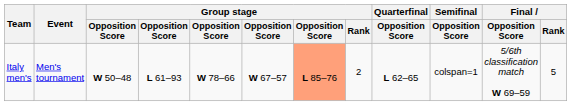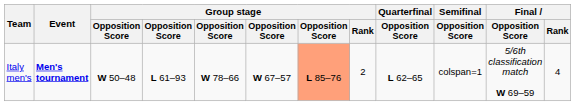 <table class="wikitable" style="font-size:90%">
 <tr>
 <th rowspan=2>Team</th>
 <th rowspan=2>Event</th>
 <th colspan=6>Group stage</th>
 <th>Quarterfinal</th>
 <th>Semifinal</th>
 <th colspan=2>Final / </th>
 </tr>
 <tr style="font-size:95%">
 <th>Opposition<br>Score</th>
 <th>Opposition<br>Score</th>
 <th>Opposition<br>Score</th>
 <th>Opposition<br>Score</th>
 <th>Opposition<br>Score</th>
 <th>Rank</th>
 <th>Opposition<br>Score</th>
 <th>Opposition<br>Score</th>
 <th>Opposition<br>Score</th>
 <th>Rank</th>
 </tr>
 <tr align=center>
 <td align=left><a href='#'>Italy men's</a></td>
-<td align=left><a href='#'>Men's tournament</a></td>
+<td align=left><strong><a href='#'>Men's tournament</a></strong></td>
 <td><br><strong>W</strong> 50–48</td>
 <td><br><strong>L</strong> 61–93</td>
 <td><br><strong>W</strong> 78–66</td>
 <td><br><strong>W</strong> 67–57</td>
 <td style="background: lightsalmon;"><br><strong>L</strong> 85–76</td>
 <td>2</td>
 <td><br><strong>L</strong> 62–65</td>
 <td>colspan=1 </td>
 <td><em>5/6th classification match</em><br><br><strong>W</strong> 69–59</td>
-<td>5</td>
+<td>4</td>
 </tr>
 </table>
